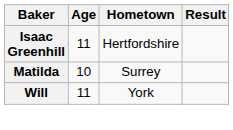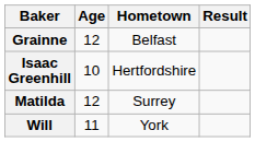 <table class="wikitable sortable" style="display:inline-table; text-align:center">
 <tr>
 <th scope="col">Baker</th>
 <th scope="col">Age</th>
 <th scope="col">Hometown</th>
 <th scope="col">Result</th>
 </tr>
 <tr>
+<th scope="row">Grainne</th>
+<td>12</td>
+<td>Belfast</td>
+<td></td>
+</tr>
+<tr>
 <th scope="row">Isaac<br>Greenhill</th>
-<td>11</td>
+<td>10</td>
 <td>Hertfordshire</td>
 <td></td>
 </tr>
 <tr>
 <th scope="row">Matilda</th>
-<td>10</td>
+<td>12</td>
 <td>Surrey</td>
 <td></td>
 </tr>
 <tr>
 <th scope="row">Will</th>
 <td>11</td>
 <td>York</td>
 <td></td>
 </tr>
 </table>
